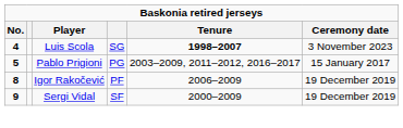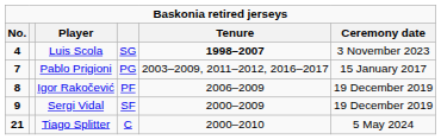 <table class="wikitable sortable" style="text-align:center">
 <tr>
 <td colspan="6"><strong>Baskonia retired jerseys</strong></td>
 </tr>
 <tr>
 <th>No.</th>
 <th></th>
 <th>Player</th>
 <th></th>
 <th>Tenure</th>
 <th>Ceremony date</th>
 </tr>
 <tr>
 <td><strong>4</strong></td>
 <td></td>
 <td><a href='#'>Luis Scola</a></td>
 <td><a href='#'>SG</a></td>
 <td><strong>1998–2007</strong></td>
 <td>3 November 2023</td>
 </tr>
 <tr>
-<td><strong>5</strong></td>
+<td><strong>7</strong></td>
 <td></td>
 <td><a href='#'>Pablo Prigioni</a></td>
 <td><a href='#'>PG</a></td>
 <td>2003–2009, 2011–2012, 2016–2017</td>
 <td>15 January 2017</td>
 </tr>
 <tr>
 <td><strong>8</strong></td>
 <td></td>
 <td><a href='#'>Igor Rakočević</a></td>
 <td><a href='#'>PF</a></td>
 <td>2006–2009</td>
 <td>19 December 2019</td>
 </tr>
 <tr>
 <td><strong>9</strong></td>
 <td></td>
 <td><a href='#'>Sergi Vidal</a></td>
 <td><a href='#'>SF</a></td>
 <td>2000–2009</td>
 <td>19 December 2019</td>
 </tr>
+<tr>
+<td><strong>21</strong></td>
+<td></td>
+<td><a href='#'>Tiago Splitter</a></td>
+<td><a href='#'>C</a></td>
+<td>2000–2010</td>
+<td>5 May 2024</td>
+</tr>
 </table>
